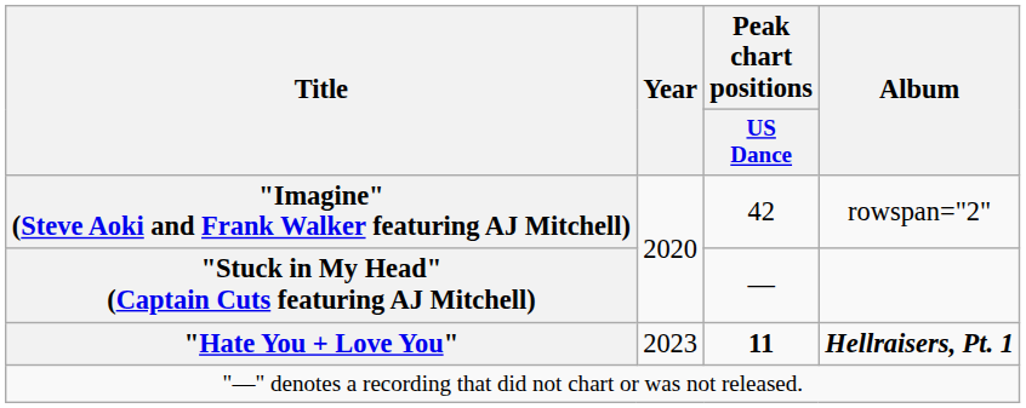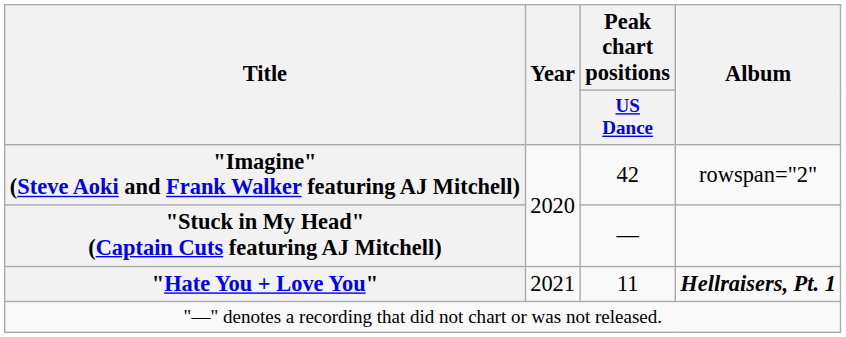 <table class="wikitable plainrowheaders" style="text-align:center">
 <tr>
 <th scope="col" rowspan="2">Title</th>
 <th scope="col" rowspan="2">Year</th>
 <th scope="col">Peak chart positions</th>
 <th scope="col" rowspan="2">Album</th>
 </tr>
 <tr>
 <th scope="col" style="width:3em;font-size:85%;"><a href='#'>US<br>Dance</a><br></th>
 </tr>
 <tr>
 <th scope="row">"Imagine" <br><span> (<a href='#'>Steve Aoki</a> and <a href='#'>Frank Walker</a> featuring AJ Mitchell)</span></th>
 <td rowspan="2">2020</td>
 <td>42</td>
 <td>rowspan="2" </td>
 </tr>
 <tr>
 <th scope="row">"Stuck in My Head" <br><span> (<a href='#'>Captain Cuts</a> featuring AJ Mitchell)</span></th>
 <td>—</td>
 </tr>
 <tr>
 <th scope="row">"<a href='#'>Hate You + Love You</a>"<br></th>
-<td>2023</td>
-<td><strong>11</strong></td>
+<td>2021</td>
+<td>11</td>
 <td><strong><em>Hellraisers, Pt. 1</em></strong></td>
 </tr>
 <tr>
 <td colspan="4" style="font-size:85%">"—" denotes a recording that did not chart or was not released.</td>
 </tr>
 </table>
